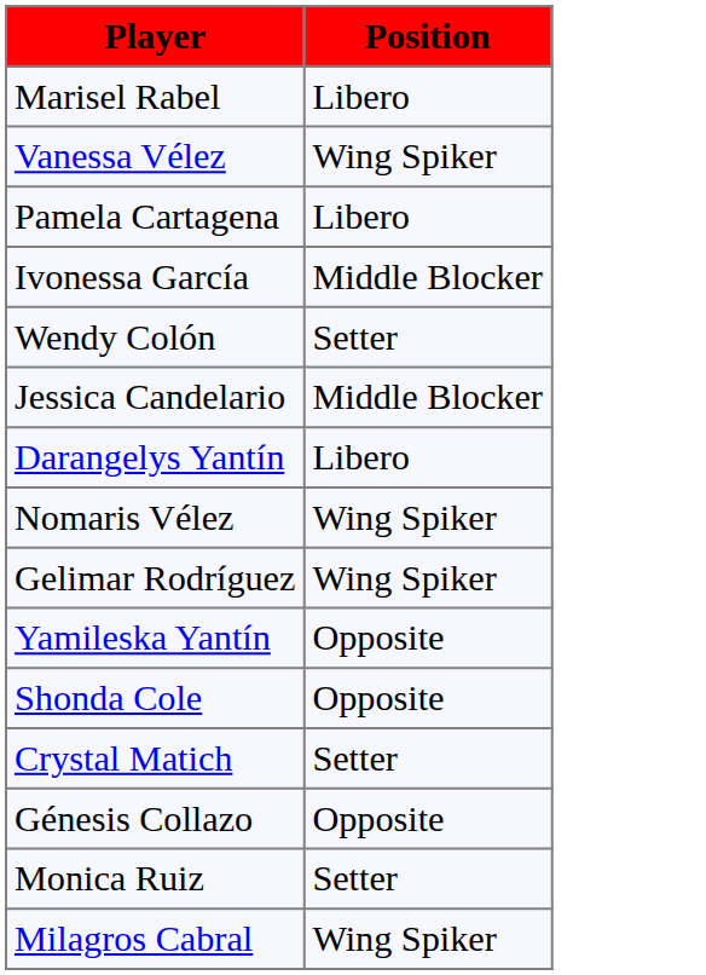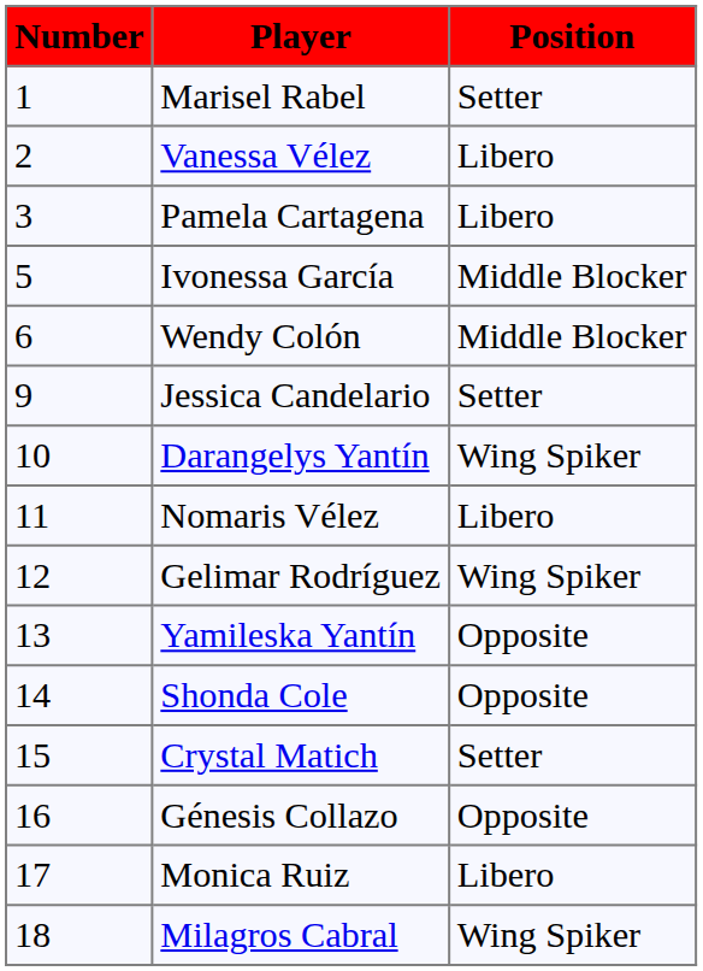 <table bgcolor="#f7f8ff" cellpadding="3" cellspacing="0" border="1" style="font-size: 95%; border: gray solid 1px; border-collapse: collapse;">
 <tr bgcolor="#ff0000">
+<td align=center><strong>Number</strong></td>
 <td align=center><strong>Player</strong></td>
 <td align=center><strong>Position</strong></td>
 </tr>
 <tr align="left">
+<td>1</td>
 <td> Marisel Rabel</td>
+<td>Setter</td>
+</tr>
+<tr align=left>
+<td>2</td>
+<td> <a href='#'>Vanessa Vélez</a></td>
 <td>Libero</td>
 </tr>
-<tr align=left>
-<td> <a href='#'>Vanessa Vélez</a></td>
-<td>Wing Spiker</td>
-</tr>
 <tr align="left">
+<td>3</td>
 <td> Pamela Cartagena</td>
 <td>Libero</td>
 </tr>
 <tr align="left">
+<td>5</td>
 <td> Ivonessa García</td>
 <td>Middle Blocker</td>
 </tr>
 <tr align="left">
+<td>6</td>
 <td> Wendy Colón</td>
+<td>Middle Blocker</td>
+</tr>
+<tr align="left">
+<td>9</td>
+<td> Jessica Candelario</td>
 <td>Setter</td>
 </tr>
 <tr align="left">
-<td> Jessica Candelario</td>
-<td>Middle Blocker</td>
+<td>10</td>
+<td> <a href='#'>Darangelys Yantín</a></td>
+<td>Wing Spiker</td>
 </tr>
 <tr align="left">
-<td> <a href='#'>Darangelys Yantín</a></td>
+<td>11</td>
+<td> Nomaris Vélez</td>
 <td>Libero</td>
 </tr>
 <tr align="left">
-<td> Nomaris Vélez</td>
-<td>Wing Spiker</td>
-</tr>
-<tr align="left">
+<td>12</td>
 <td> Gelimar Rodríguez</td>
 <td>Wing Spiker</td>
 </tr>
 <tr align="left">
+<td>13</td>
 <td> <a href='#'>Yamileska Yantín</a></td>
 <td>Opposite</td>
 </tr>
 <tr align="left">
+<td>14</td>
 <td> <a href='#'>Shonda Cole</a></td>
 <td>Opposite</td>
 </tr>
 <tr align="left">
+<td>15</td>
 <td> <a href='#'>Crystal Matich</a></td>
 <td>Setter</td>
 </tr>
 <tr align="left">
+<td>16</td>
 <td> Génesis Collazo</td>
 <td>Opposite</td>
 </tr>
 <tr align="left">
+<td>17</td>
 <td> Monica Ruiz</td>
-<td>Setter</td>
+<td>Libero</td>
 </tr>
 <tr align="left">
+<td>18</td>
 <td> <a href='#'>Milagros Cabral</a></td>
 <td>Wing Spiker</td>
 </tr>
 </table>
